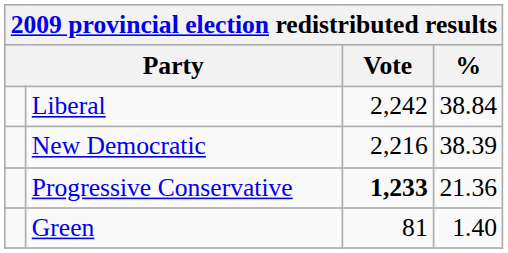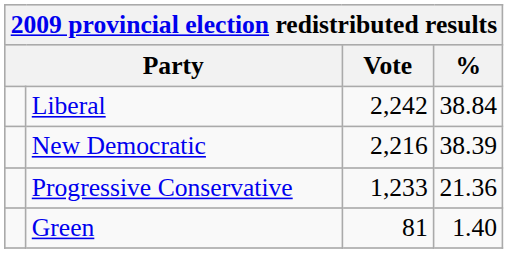 <table class="wikitable">
 <tr>
 <th colspan="4"><a href='#'>2009 provincial election</a> redistributed results</th>
 </tr>
 <tr>
 <th bgcolor="#DDDDFF" width="130px" colspan="2">Party</th>
 <th bgcolor="#DDDDFF" width="50px">Vote</th>
 <th bgcolor="#DDDDFF" width="30px">%</th>
 </tr>
 <tr>
 <td> </td>
 <td><a href='#'>Liberal</a></td>
 <td align=right>2,242</td>
 <td align=right>38.84</td>
 </tr>
 <tr>
 <td> </td>
 <td><a href='#'>New Democratic</a></td>
 <td align=right>2,216</td>
 <td align=right>38.39</td>
 </tr>
 <tr>
 <td> </td>
 <td><a href='#'>Progressive Conservative</a></td>
-<td align=right><strong>1,233</strong></td>
+<td align=right>1,233</td>
 <td align=right>21.36</td>
 </tr>
 <tr>
 <td> </td>
 <td><a href='#'>Green</a></td>
 <td align=right>81</td>
 <td align=right>1.40</td>
 </tr>
 </table>
